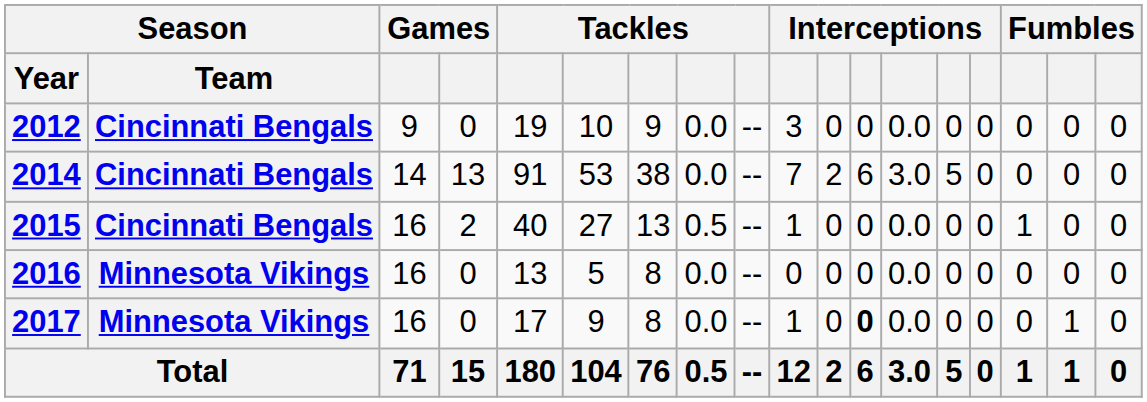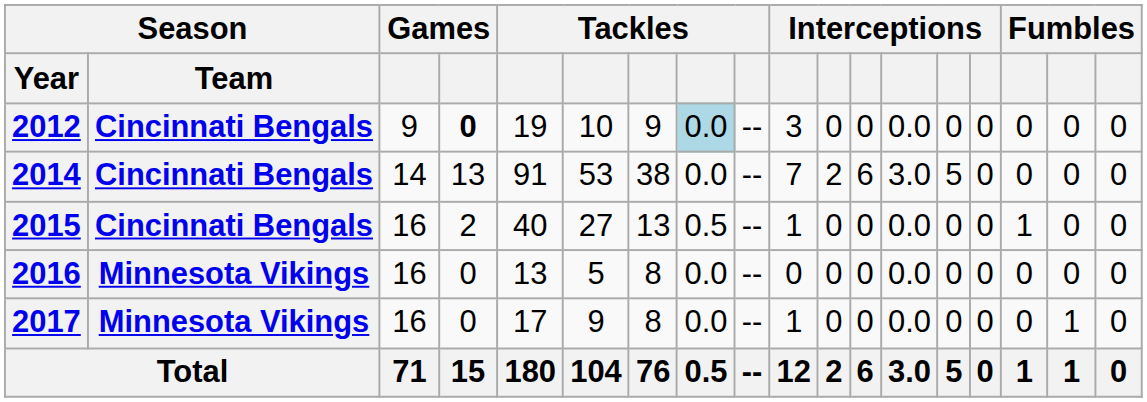 <table class="wikitable sortable" style="text-align:center;">
 <tr>
 <th colspan="2">Season</th>
 <th colspan="2">Games</th>
 <th colspan="5">Tackles</th>
 <th colspan="6">Interceptions</th>
 <th colspan="3">Fumbles</th>
 </tr>
 <tr>
 <th>Year</th>
 <th>Team</th>
 <th></th>
 <th></th>
 <th></th>
 <th></th>
 <th></th>
 <th></th>
 <th></th>
 <th></th>
 <th></th>
 <th></th>
 <th></th>
 <th></th>
 <th></th>
 <th></th>
 <th></th>
 <th></th>
 </tr>
 <tr>
 <th><a href='#'>2012</a></th>
 <th><a href='#'>Cincinnati Bengals</a></th>
 <td>9</td>
-<td>0</td>
+<td><strong>0</strong></td>
 <td>19</td>
 <td>10</td>
 <td>9</td>
-<td>0.0</td>
+<td style="background: lightblue;">0.0</td>
 <td>--</td>
 <td>3</td>
 <td>0</td>
 <td>0</td>
 <td>0.0</td>
 <td>0</td>
 <td>0</td>
 <td>0</td>
 <td>0</td>
 <td>0</td>
 </tr>
 <tr>
 <th><a href='#'>2014</a></th>
 <th><a href='#'>Cincinnati Bengals</a></th>
 <td>14</td>
 <td>13</td>
 <td>91</td>
 <td>53</td>
 <td>38</td>
 <td>0.0</td>
 <td>--</td>
 <td>7</td>
 <td>2</td>
 <td>6</td>
 <td>3.0</td>
 <td>5</td>
 <td>0</td>
 <td>0</td>
 <td>0</td>
 <td>0</td>
 </tr>
 <tr>
 <th><a href='#'>2015</a></th>
 <th><a href='#'>Cincinnati Bengals</a></th>
 <td>16</td>
 <td>2</td>
 <td>40</td>
 <td>27</td>
 <td>13</td>
 <td>0.5</td>
 <td>--</td>
 <td>1</td>
 <td>0</td>
 <td>0</td>
 <td>0.0</td>
 <td>0</td>
 <td>0</td>
 <td>1</td>
 <td>0</td>
 <td>0</td>
 </tr>
 <tr>
 <th><a href='#'>2016</a></th>
 <th><a href='#'>Minnesota Vikings</a></th>
 <td>16</td>
 <td>0</td>
 <td>13</td>
 <td>5</td>
 <td>8</td>
 <td>0.0</td>
 <td>--</td>
 <td>0</td>
 <td>0</td>
 <td>0</td>
 <td>0.0</td>
 <td>0</td>
 <td>0</td>
 <td>0</td>
 <td>0</td>
 <td>0</td>
 </tr>
 <tr>
 <th><a href='#'>2017</a></th>
 <th><a href='#'>Minnesota Vikings</a></th>
 <td>16</td>
 <td>0</td>
 <td>17</td>
 <td>9</td>
 <td>8</td>
 <td>0.0</td>
 <td>--</td>
 <td>1</td>
 <td>0</td>
-<td><strong>0</strong></td>
+<td>0</td>
 <td>0.0</td>
 <td>0</td>
 <td>0</td>
 <td>0</td>
 <td>1</td>
 <td>0</td>
 </tr>
 <tr class="sortbottom">
 <th colspan="2">Total</th>
 <th>71</th>
 <th>15</th>
 <th>180</th>
 <th>104</th>
 <th>76</th>
 <th>0.5</th>
 <th>--</th>
 <th>12</th>
 <th>2</th>
 <th>6</th>
 <th>3.0</th>
 <th>5</th>
 <th>0</th>
 <th>1</th>
 <th>1</th>
 <th>0</th>
 </tr>
 </table>
